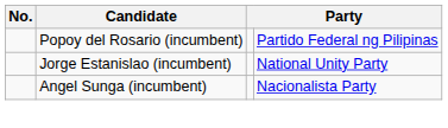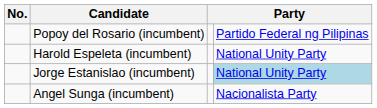 <table class="wikitable sortable" style="text-align:left;">
 <tr>
 <th>No.</th>
 <th>Candidate</th>
 <th colspan="2">Party</th>
 </tr>
 <tr>
 <td></td>
 <td>Popoy del Rosario (incumbent)</td>
 <td></td>
 <td><a href='#'>Partido Federal ng Pilipinas</a></td>
 </tr>
 <tr>
 <td></td>
+<td>Harold Espeleta (incumbent)</td>
+<td></td>
+<td><a href='#'>National Unity Party</a></td>
+</tr>
+<tr>
+<td></td>
 <td>Jorge Estanislao (incumbent)</td>
 <td></td>
-<td><a href='#'>National Unity Party</a></td>
+<td style="background: lightblue;"><a href='#'>National Unity Party</a></td>
 </tr>
 <tr>
 <td></td>
 <td>Angel Sunga (incumbent)</td>
 <td></td>
 <td><a href='#'>Nacionalista Party</a></td>
 </tr>
 </table>
